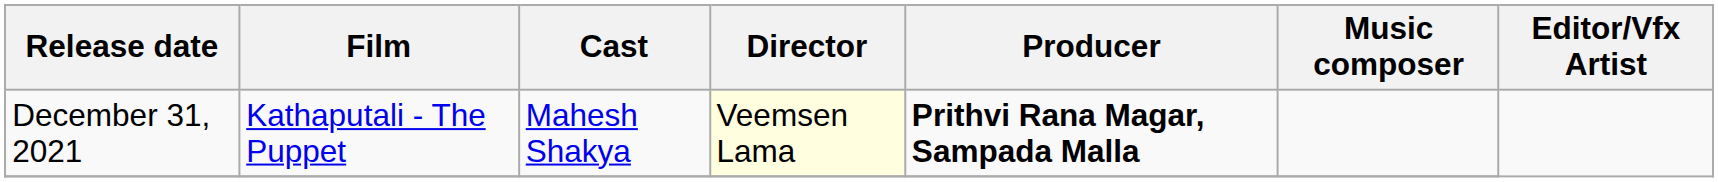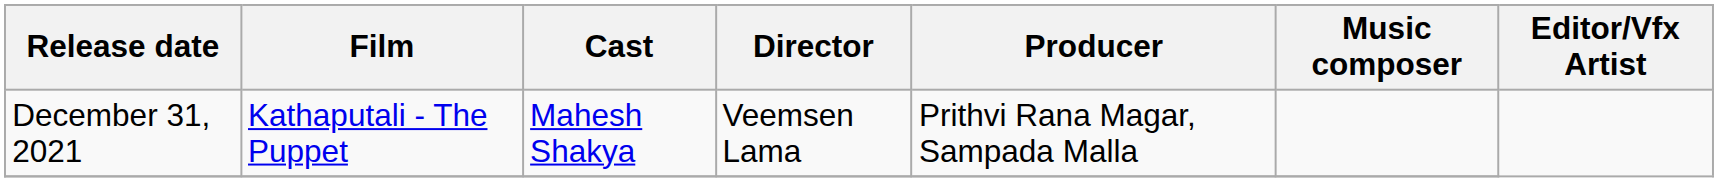 <table class="wikitable sortable">
 <tr>
 <th>Release date</th>
 <th>Film</th>
 <th>Cast</th>
 <th>Director</th>
 <th>Producer</th>
 <th>Music composer</th>
 <th>Editor/Vfx Artist</th>
 </tr>
 <tr>
 <td>December 31, 2021</td>
 <td><a href='#'>Kathaputali - The Puppet</a></td>
 <td><a href='#'>Mahesh Shakya</a></td>
-<td style="background: lightyellow;">Veemsen Lama</td>
-<td><strong>Prithvi Rana Magar, Sampada Malla</strong></td>
+<td>Veemsen Lama</td>
+<td>Prithvi Rana Magar, Sampada Malla</td>
 <td></td>
 </tr>
 <tr>
 </tr>
 </table>
